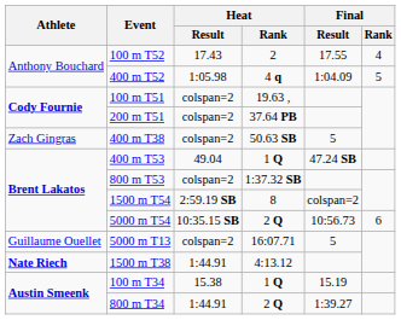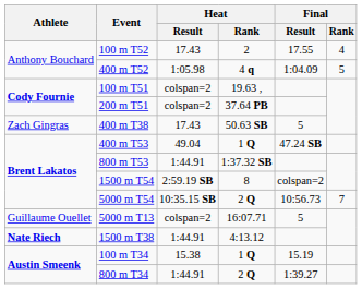 <table class="wikitable" style="font-size:90%">
 <tr>
 <th rowspan="2">Athlete</th>
 <th rowspan="2">Event</th>
 <th colspan="2">Heat</th>
 <th colspan="2">Final</th>
 </tr>
 <tr style="font-size:95%">
 <th>Result</th>
 <th>Rank</th>
 <th>Result</th>
 <th>Rank</th>
 </tr>
 <tr align=center>
 <td align=left rowspan=2><a href='#'>Anthony Bouchard</a></td>
 <td align=left><a href='#'>100 m T52</a></td>
 <td>17.43</td>
 <td>2</td>
 <td>17.55</td>
 <td>4</td>
 </tr>
 <tr align=center>
 <td align=left><a href='#'>400 m T52</a></td>
 <td>1:05.98</td>
 <td>4 <strong>q</strong></td>
 <td>1:04.09</td>
 <td>5</td>
 </tr>
 <tr align=center>
 <td align=left rowspan=2><strong><a href='#'>Cody Fournie</a></strong></td>
 <td align=left><a href='#'>100 m T51</a></td>
 <td>colspan=2 </td>
 <td>19.63 <strong></strong>, <strong></strong></td>
 <td></td>
 </tr>
 <tr align=center>
 <td align=left><a href='#'>200 m T51</a></td>
 <td>colspan=2 </td>
 <td>37.64 <strong>PB</strong></td>
 <td></td>
 </tr>
 <tr align=center>
 <td align=left><a href='#'>Zach Gingras</a></td>
 <td align=left><a href='#'>400 m T38</a></td>
-<td>colspan=2 </td>
+<td>17.43</td>
 <td>50.63 <strong>SB</strong></td>
 <td>5</td>
 </tr>
 <tr align=center>
 <td align=left rowspan=4><strong><a href='#'>Brent Lakatos</a></strong></td>
 <td align=left><a href='#'>400 m T53</a></td>
 <td>49.04</td>
 <td>1 <strong>Q</strong></td>
 <td>47.24 <strong>SB</strong></td>
 <td></td>
 </tr>
 <tr align=center>
 <td align=left><a href='#'>800 m T53</a></td>
-<td>colspan=2 </td>
+<td>1:44.91</td>
 <td>1:37.32 <strong>SB</strong></td>
 <td></td>
 </tr>
 <tr align=center>
 <td align=left><a href='#'>1500 m T54</a></td>
 <td>2:59.19 <strong>SB</strong></td>
 <td>8</td>
 <td>colspan=2 </td>
 </tr>
 <tr align=center>
 <td align=left><a href='#'>5000 m T54</a></td>
 <td>10:35.15 <strong>SB</strong></td>
 <td>2 <strong>Q</strong></td>
 <td>10:56.73</td>
-<td>6</td>
+<td>7</td>
 </tr>
 <tr align=center>
 <td align=left><a href='#'>Guillaume Ouellet</a></td>
 <td align=left><a href='#'>5000 m T13</a></td>
 <td>colspan=2 </td>
 <td>16:07.71</td>
 <td>5</td>
 </tr>
 <tr align=center>
 <td align=left><strong><a href='#'>Nate Riech</a></strong></td>
 <td align=left><a href='#'>1500 m T38</a></td>
 <td>1:44.91</td>
 <td>4:13.12</td>
 <td></td>
 </tr>
 <tr align=center>
 <td align=left rowspan=2><strong><a href='#'>Austin Smeenk</a></strong></td>
 <td align=left><a href='#'>100 m T34</a></td>
 <td>15.38</td>
 <td>1 <strong>Q</strong></td>
 <td>15.19</td>
 <td></td>
 </tr>
 <tr align=center>
 <td align=left><a href='#'>800 m T34</a></td>
 <td>1:44.91</td>
 <td>2 <strong>Q</strong></td>
 <td>1:39.27</td>
 <td></td>
 </tr>
 </table>
